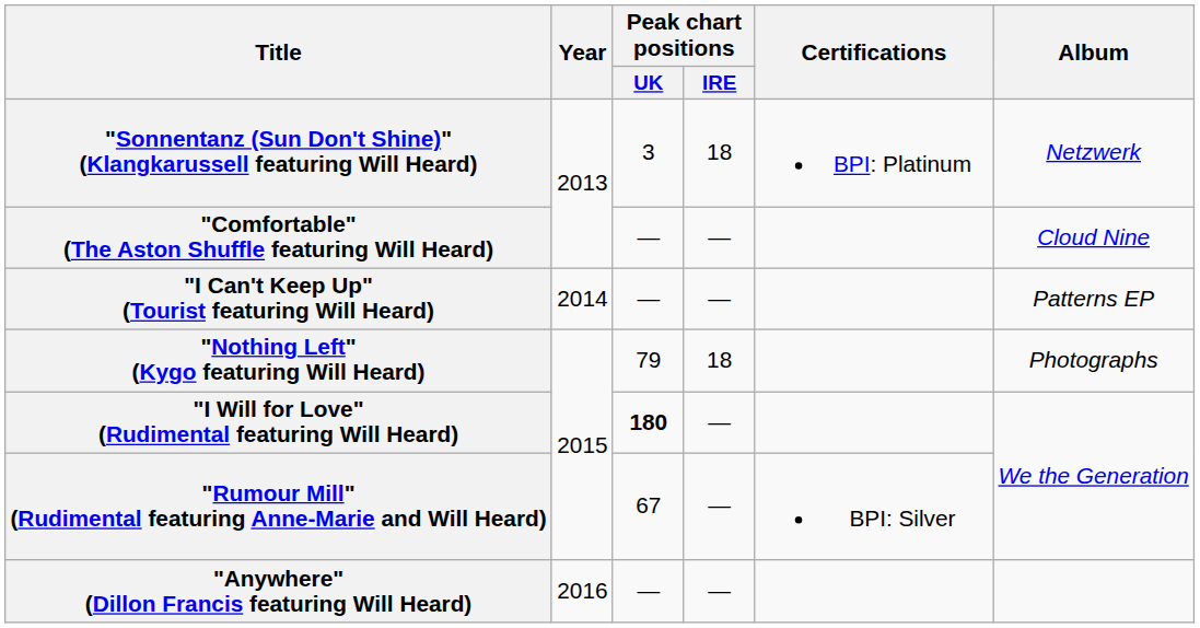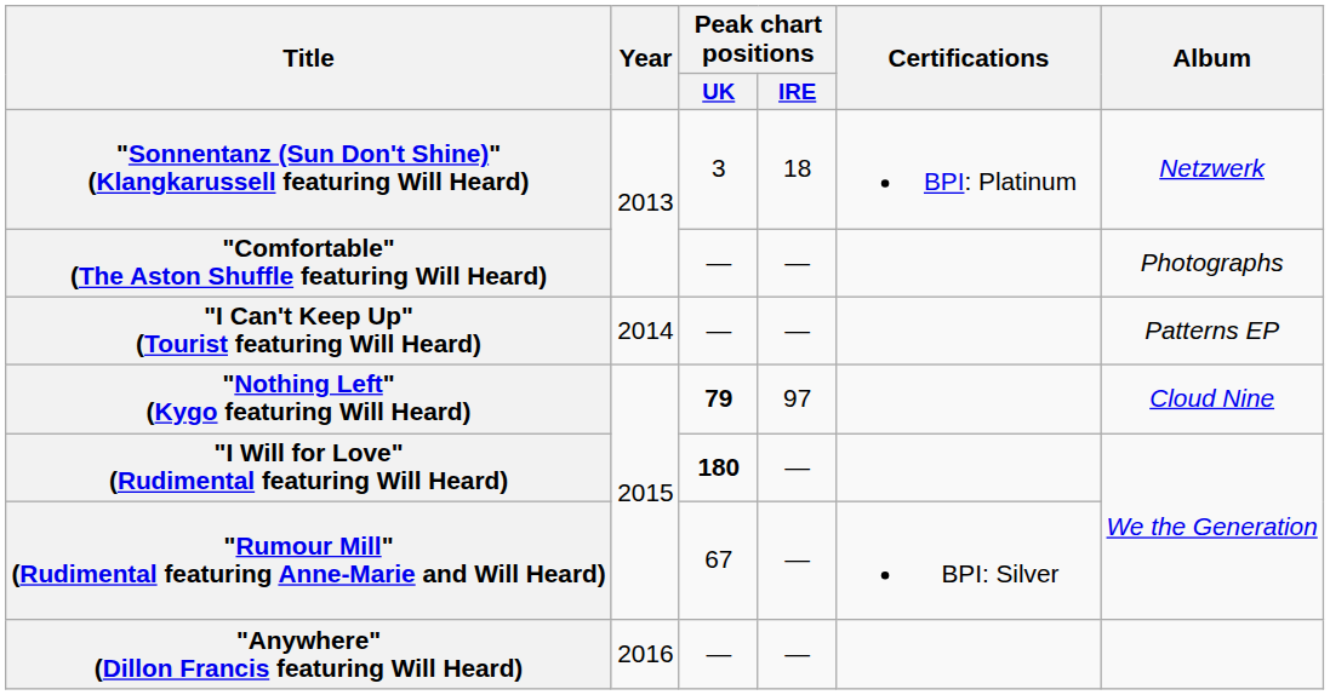 <table class="wikitable plainrowheaders" style="text-align:center;">
 <tr>
 <th scope="col" rowspan="2">Title</th>
 <th scope="col" rowspan="2">Year</th>
 <th scope="col" colspan="2">Peak chart positions</th>
 <th scope="col" rowspan="2" style="width:10em;">Certifications</th>
 <th scope="col" rowspan="2">Album</th>
 </tr>
 <tr>
 <th scope="col" style="width:3em;font-size:90%;"><a href='#'>UK</a><br></th>
 <th scope="col" style="width:3em;font-size:90%;"><a href='#'>IRE</a><br></th>
 </tr>
 <tr>
 <th scope="row">"<a href='#'>Sonnentanz (Sun Don't Shine)</a>"<br><span>(<a href='#'>Klangkarussell</a> featuring Will Heard)</span></th>
 <td rowspan="2">2013</td>
 <td>3</td>
 <td>18</td>
 <td><br><ul><li><a href='#'>BPI</a>: Platinum</li></ul></td>
 <td><em><a href='#'>Netzwerk</a></em></td>
 </tr>
 <tr>
 <th scope="row">"Comfortable"<br><span>(<a href='#'>The Aston Shuffle</a> featuring Will Heard)</span></th>
 <td>—</td>
 <td>—</td>
 <td></td>
-<td><em><a href='#'>Cloud Nine</a></em></td>
+<td><em>Photographs</em></td>
 </tr>
 <tr>
 <th scope="row">"I Can't Keep Up"<br><span>(<a href='#'>Tourist</a> featuring Will Heard)</span></th>
 <td>2014</td>
 <td>—</td>
 <td>—</td>
 <td></td>
 <td><em>Patterns EP</em></td>
 </tr>
 <tr>
 <th scope="row">"<a href='#'>Nothing Left</a>"<br><span>(<a href='#'>Kygo</a> featuring Will Heard)</span></th>
 <td rowspan="3">2015</td>
-<td>79</td>
-<td>18</td>
+<td><strong>79</strong></td>
+<td>97</td>
 <td></td>
-<td><em>Photographs</em></td>
+<td><em><a href='#'>Cloud Nine</a></em></td>
 </tr>
 <tr>
 <th scope="row">"I Will for Love"<br><span>(<a href='#'>Rudimental</a> featuring Will Heard)</span></th>
 <td><strong>180</strong></td>
 <td>—</td>
 <td></td>
 <td rowspan="2"><em><a href='#'>We the Generation</a></em></td>
 </tr>
 <tr>
 <th scope="row">"<a href='#'>Rumour Mill</a>"<br><span>(<a href='#'>Rudimental</a> featuring <a href='#'>Anne-Marie</a> and Will Heard)</span></th>
 <td>67</td>
 <td>—</td>
 <td><br><ul><li>BPI: Silver</li></ul></td>
 </tr>
 <tr>
 <th scope="row">"Anywhere"<br><span>(<a href='#'>Dillon Francis</a> featuring Will Heard)</span></th>
 <td>2016</td>
 <td>—</td>
 <td>—</td>
 <td></td>
 <td></td>
 </tr>
 </table>
